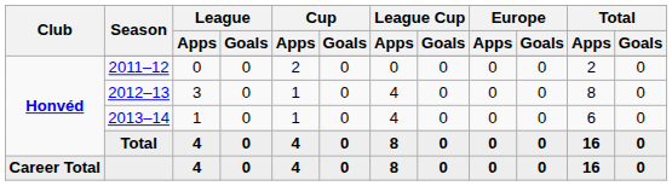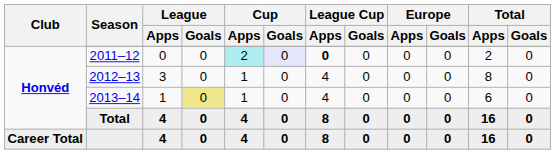 <table class="wikitable" style="font-size:90%; text-align: center;">
 <tr>
 <th rowspan="2">Club</th>
 <th rowspan="2">Season</th>
 <th colspan="2">League</th>
 <th colspan="2">Cup</th>
 <th colspan="2">League Cup</th>
 <th colspan="2">Europe</th>
 <th colspan="2">Total</th>
 </tr>
 <tr>
 <th>Apps</th>
 <th>Goals</th>
 <th>Apps</th>
 <th>Goals</th>
 <th>Apps</th>
 <th>Goals</th>
 <th>Apps</th>
 <th>Goals</th>
 <th>Apps</th>
 <th>Goals</th>
 </tr>
 <tr ||-||-||-|->
 <td rowspan="5" valign="center"><strong><a href='#'>Honvéd</a></strong></td>
 </tr>
 <tr>
 <td><a href='#'>2011–12</a></td>
 <td>0</td>
 <td>0</td>
-<td>2</td>
-<td>0</td>
-<td>0</td>
+<td style="background: paleturquoise;">2</td>
+<td style="background: lavender;">0</td>
+<td><strong>0</strong></td>
 <td>0</td>
 <td>0</td>
 <td>0</td>
 <td>2</td>
 <td>0</td>
 </tr>
 <tr>
 <td><a href='#'>2012–13</a></td>
 <td>3</td>
 <td>0</td>
 <td>1</td>
 <td>0</td>
 <td>4</td>
 <td>0</td>
 <td>0</td>
 <td>0</td>
 <td>8</td>
 <td>0</td>
 </tr>
 <tr>
 <td><a href='#'>2013–14</a></td>
 <td>1</td>
-<td>0</td>
+<td style="background: khaki;">0</td>
 <td>1</td>
 <td>0</td>
 <td>4</td>
 <td>0</td>
 <td>0</td>
 <td>0</td>
 <td>6</td>
 <td>0</td>
 </tr>
 <tr style="font-weight:bold; background-color:#eeeeee;">
 <td>Total</td>
 <td>4</td>
 <td>0</td>
 <td>4</td>
 <td>0</td>
 <td>8</td>
 <td>0</td>
 <td>0</td>
 <td>0</td>
 <td>16</td>
 <td>0</td>
 </tr>
 <tr style="font-weight:bold; background-color:#eeeeee;">
 <td rowspan="1" valign="top"><strong>Career Total</strong></td>
 <td></td>
 <td><strong>4</strong></td>
 <td><strong>0</strong></td>
 <td><strong>4</strong></td>
 <td><strong>0</strong></td>
 <td><strong>8</strong></td>
 <td><strong>0</strong></td>
 <td><strong>0</strong></td>
 <td><strong>0</strong></td>
 <td><strong>16</strong></td>
 <td><strong>0</strong></td>
 </tr>
 </table>
